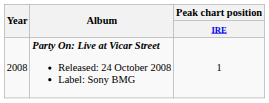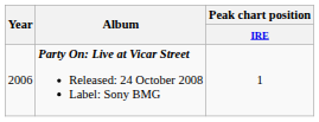 <table class="wikitable">
 <tr>
 <th rowspan=2>Year</th>
 <th rowspan=2>Album</th>
 <th>Peak chart position</th>
 </tr>
 <tr>
 <th><small><a href='#'>IRE</a></small> <br></th>
 </tr>
 <tr>
-<td align=center>2008</td>
+<td align=center>2006</td>
 <td><strong><em>Party On: Live at Vicar Street</em></strong><br><ul><li>Released: 24 October 2008</li><li>Label: Sony BMG</li></ul></td>
 <td align=center>1</td>
 </tr>
 </table>
